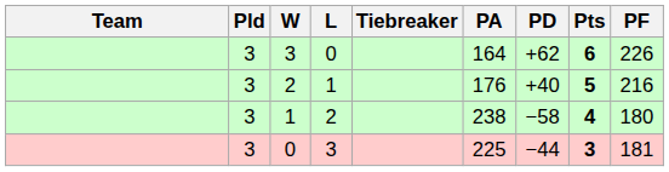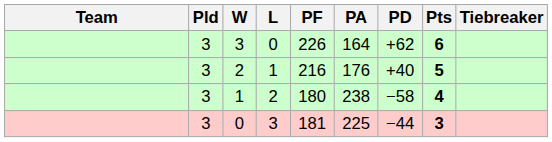 <table class="wikitable" style="text-align:center;">
 <tr>
 <th width=170>Team</th>
 <th width=25>Pld</th>
 <th width=25>W</th>
 <th width=25>L</th>
-<th width=50>Tiebreaker</th>
+<th width=35>PF</th>
 <th width=35>PA</th>
 <th width=35>PD</th>
 <th width=25>Pts</th>
-<th width=35>PF</th>
+<th width=50>Tiebreaker</th>
 </tr>
 <tr bgcolor=ccffcc>
 <td align="left"></td>
 <td>3</td>
 <td>3</td>
 <td>0</td>
-<td></td>
+<td>226</td>
 <td>164</td>
 <td>+62</td>
 <td><strong>6</strong></td>
-<td>226</td>
+<td></td>
 </tr>
 <tr bgcolor=ccffcc>
 <td align="left"></td>
 <td>3</td>
 <td>2</td>
 <td>1</td>
-<td></td>
+<td>216</td>
 <td>176</td>
 <td>+40</td>
 <td><strong>5</strong></td>
-<td>216</td>
+<td></td>
 </tr>
 <tr bgcolor=ccffcc>
 <td align="left"></td>
 <td>3</td>
 <td>1</td>
 <td>2</td>
-<td></td>
+<td>180</td>
 <td>238</td>
 <td>−58</td>
 <td><strong>4</strong></td>
-<td>180</td>
+<td></td>
 </tr>
 <tr bgcolor=ffcccc>
 <td align="left"></td>
 <td>3</td>
 <td>0</td>
 <td>3</td>
-<td></td>
+<td>181</td>
 <td>225</td>
 <td>−44</td>
 <td><strong>3</strong></td>
-<td>181</td>
+<td></td>
 </tr>
 </table>
